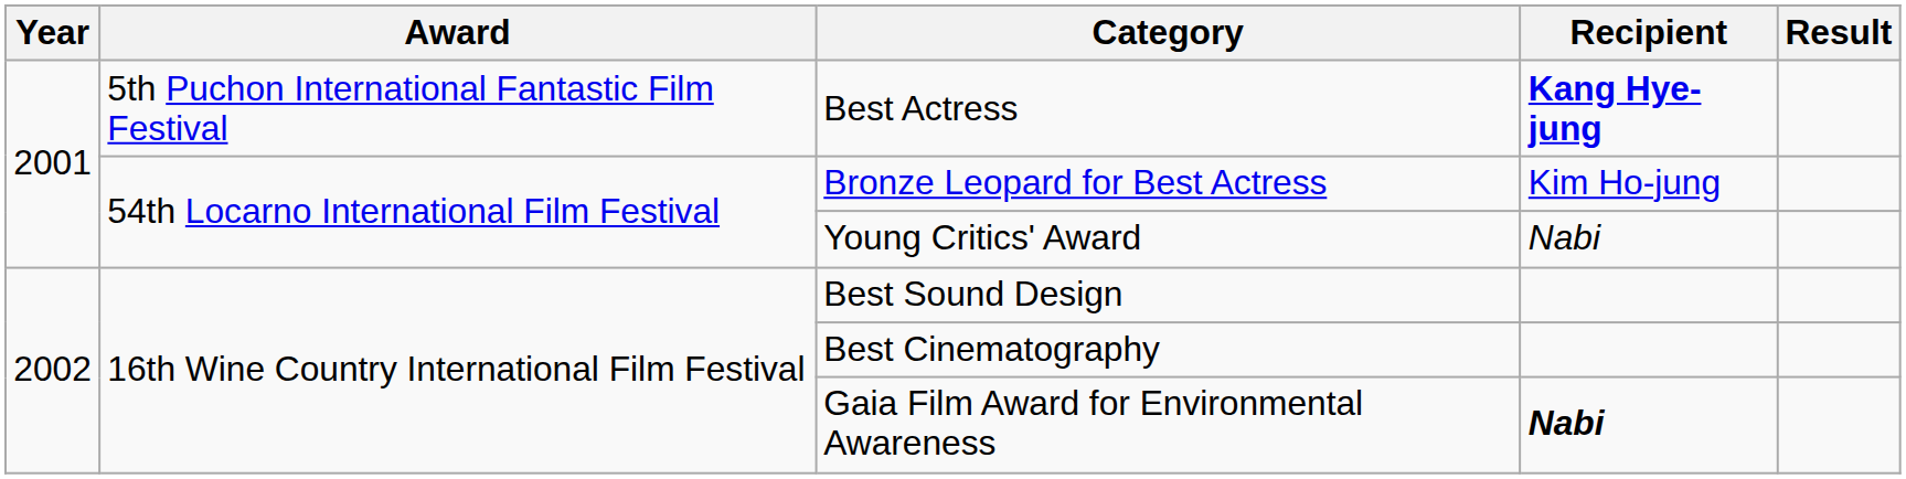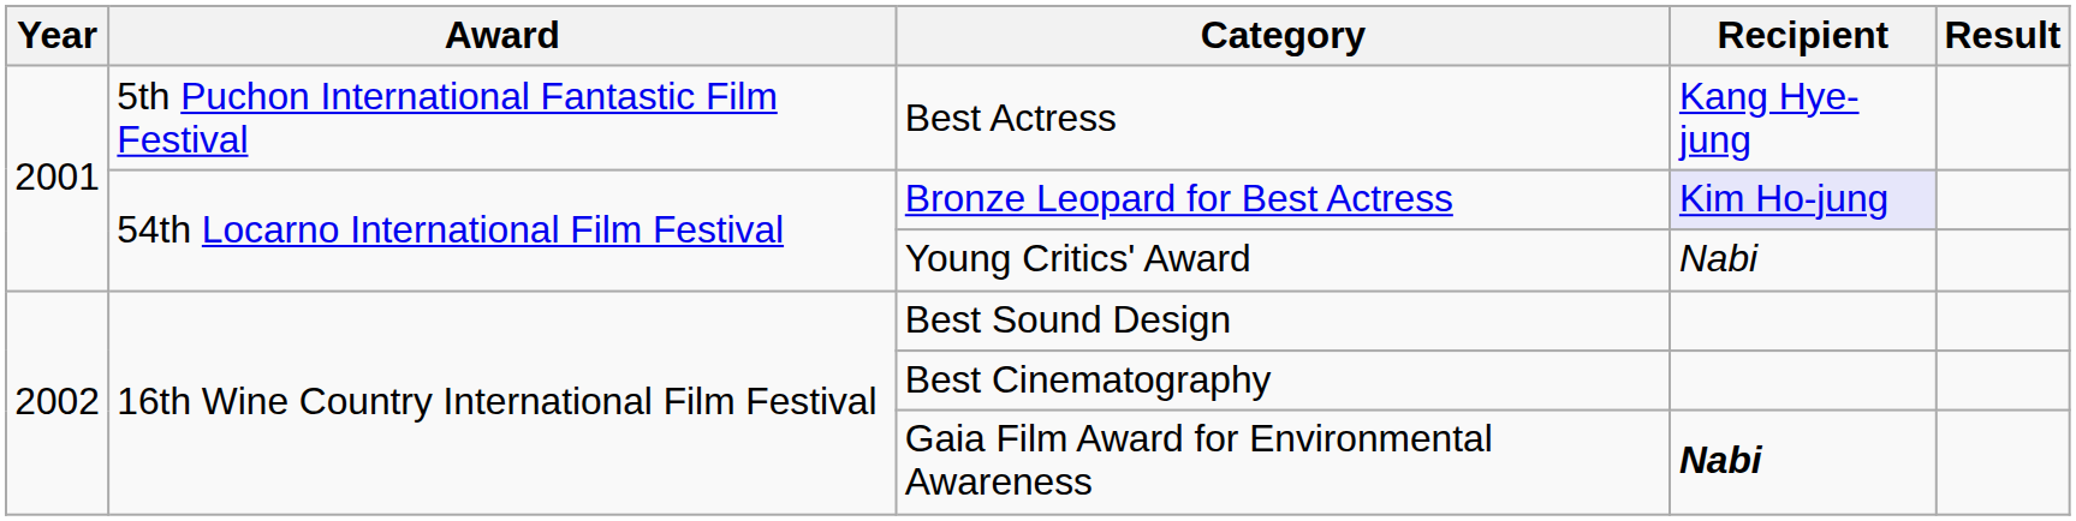 <table class="wikitable">
 <tr>
 <th>Year</th>
 <th>Award</th>
 <th>Category</th>
 <th>Recipient</th>
 <th>Result</th>
 </tr>
 <tr>
 <td rowspan=3>2001</td>
 <td>5th <a href='#'>Puchon International Fantastic Film Festival</a></td>
 <td>Best Actress</td>
-<td><strong><a href='#'>Kang Hye-jung</a></strong></td>
+<td><a href='#'>Kang Hye-jung</a></td>
 <td></td>
 </tr>
 <tr>
 <td rowspan=2>54th <a href='#'>Locarno International Film Festival</a></td>
 <td><a href='#'>Bronze Leopard for Best Actress</a></td>
-<td><a href='#'>Kim Ho-jung</a></td>
+<td style="background: lavender;"><a href='#'>Kim Ho-jung</a></td>
 <td></td>
 </tr>
 <tr>
 <td>Young Critics' Award</td>
 <td><em>Nabi</em></td>
 <td></td>
 </tr>
 <tr>
 <td rowspan=3>2002</td>
 <td rowspan=3>16th Wine Country International Film Festival</td>
 <td>Best Sound Design</td>
 <td></td>
 <td></td>
 </tr>
 <tr>
 <td>Best Cinematography</td>
 <td></td>
 <td></td>
 </tr>
 <tr>
 <td>Gaia Film Award for Environmental Awareness</td>
 <td><strong><em>Nabi</em></strong></td>
 <td></td>
 </tr>
 </table>
